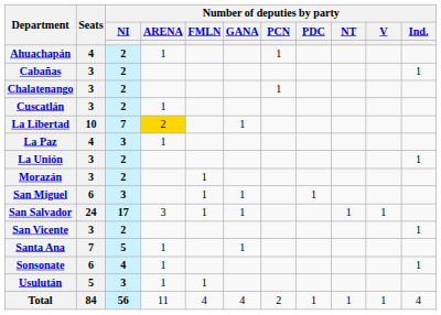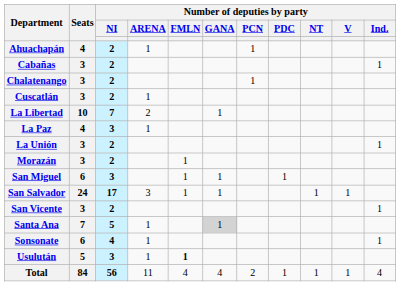 <table class="wikitable" style="text-align:center">
 <tr>
 <th rowspan="3">Department</th>
 <th rowspan="3">Seats</th>
 <th colspan="9">Number of deputies by party</th>
 </tr>
 <tr>
 <th style="width:43px;"><a href='#'>NI</a></th>
 <th style="width:43px;"><a href='#'>ARENA</a></th>
 <th style="width:43px;"><a href='#'>FMLN</a></th>
 <th style="width:43px;"><a href='#'>GANA</a></th>
 <th style="width:43px;"><a href='#'>PCN</a></th>
 <th style="width:43px;"><a href='#'>PDC</a></th>
 <th style="width:43px;"><a href='#'>NT</a></th>
 <th style="width:43px;"><a href='#'>V</a></th>
 <th style="width:43px;"><a href='#'>Ind.</a></th>
 </tr>
 <tr>
 <th style="background:"></th>
 <th style="background:"></th>
 <th style="background:"></th>
 <th style="background:"></th>
 <th style="background:"></th>
 <th style="background:"></th>
 <th style="background:"></th>
 <th style="background:"></th>
 <th style="background:"></th>
 </tr>
 <tr>
 <th><a href='#'>Ahuachapán</a></th>
 <th>4</th>
 <td style="background:#CCF1FF;"><strong>2</strong></td>
 <td>1</td>
 <td></td>
 <td></td>
 <td>1</td>
 <td></td>
 <td></td>
 <td></td>
 <td></td>
 </tr>
 <tr>
 <th><a href='#'>Cabañas</a></th>
 <th>3</th>
 <td style="background:#CCF1FF;"><strong>2</strong></td>
 <td></td>
 <td></td>
 <td></td>
 <td></td>
 <td></td>
 <td></td>
 <td></td>
 <td>1</td>
 </tr>
 <tr>
 <th><a href='#'>Chalatenango</a></th>
 <th>3</th>
 <td style="background:#CCF1FF;"><strong>2</strong></td>
 <td></td>
 <td></td>
 <td></td>
 <td>1</td>
 <td></td>
 <td></td>
 <td></td>
 <td></td>
 </tr>
 <tr>
 <th><a href='#'>Cuscatlán</a></th>
 <th>3</th>
 <td style="background:#CCF1FF;"><strong>2</strong></td>
 <td>1</td>
 <td></td>
 <td></td>
 <td></td>
 <td></td>
 <td></td>
 <td></td>
 <td></td>
 </tr>
 <tr>
 <th><a href='#'>La Libertad</a></th>
 <th>10</th>
 <td style="background:#CCF1FF;"><strong>7</strong></td>
-<td style="background: gold;">2</td>
+<td>2</td>
 <td></td>
 <td>1</td>
 <td></td>
 <td></td>
 <td></td>
 <td></td>
 <td></td>
 </tr>
 <tr>
 <th><a href='#'>La Paz</a></th>
 <th>4</th>
 <td style="background:#CCF1FF;"><strong>3</strong></td>
 <td>1</td>
 <td></td>
 <td></td>
 <td></td>
 <td></td>
 <td></td>
 <td></td>
 <td></td>
 </tr>
 <tr>
 <th><a href='#'>La Unión</a></th>
 <th>3</th>
 <td style="background:#CCF1FF;"><strong>2</strong></td>
 <td></td>
 <td></td>
 <td></td>
 <td></td>
 <td></td>
 <td></td>
 <td></td>
 <td>1</td>
 </tr>
 <tr>
 <th><a href='#'>Morazán</a></th>
 <th>3</th>
 <td style="background:#CCF1FF;"><strong>2</strong></td>
 <td></td>
 <td>1</td>
 <td></td>
 <td></td>
 <td></td>
 <td></td>
 <td></td>
 <td></td>
 </tr>
 <tr>
 <th><a href='#'>San Miguel</a></th>
 <th>6</th>
 <td style="background:#CCF1FF;"><strong>3</strong></td>
 <td></td>
 <td>1</td>
 <td>1</td>
 <td></td>
 <td>1</td>
 <td></td>
 <td></td>
 <td></td>
 </tr>
 <tr>
 <th><a href='#'>San Salvador</a></th>
 <th>24</th>
 <td style="background:#CCF1FF;"><strong>17</strong></td>
 <td>3</td>
 <td>1</td>
 <td>1</td>
 <td></td>
 <td></td>
 <td>1</td>
 <td>1</td>
 <td></td>
 </tr>
 <tr>
 <th><a href='#'>San Vicente</a></th>
 <th>3</th>
 <td style="background:#CCF1FF;"><strong>2</strong></td>
 <td></td>
 <td></td>
 <td></td>
 <td></td>
 <td></td>
 <td></td>
 <td></td>
 <td>1</td>
 </tr>
 <tr>
 <th><a href='#'>Santa Ana</a></th>
 <th>7</th>
 <td style="background:#CCF1FF;"><strong>5</strong></td>
 <td>1</td>
 <td></td>
-<td>1</td>
+<td style="background: lightgrey;">1</td>
 <td></td>
 <td></td>
 <td></td>
 <td></td>
 <td></td>
 </tr>
 <tr>
 <th><a href='#'>Sonsonate</a></th>
 <th>6</th>
 <td style="background:#CCF1FF;"><strong>4</strong></td>
 <td>1</td>
 <td></td>
 <td></td>
 <td></td>
 <td></td>
 <td></td>
 <td></td>
 <td>1</td>
 </tr>
 <tr>
 <th><a href='#'>Usulután</a></th>
 <th>5</th>
 <td style="background:#CCF1FF;"><strong>3</strong></td>
 <td>1</td>
-<td>1</td>
+<td><strong>1</strong></td>
 <td></td>
 <td></td>
 <td></td>
 <td></td>
 <td></td>
 <td></td>
 </tr>
 <tr>
 <th>Total</th>
 <th>84</th>
 <td style="background:#CCF1FF;"><strong>56</strong></td>
 <td>11</td>
 <td>4</td>
 <td>4</td>
 <td>2</td>
 <td>1</td>
 <td>1</td>
 <td>1</td>
 <td>4</td>
 </tr>
 </table>
